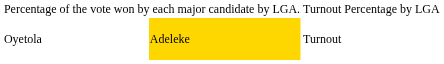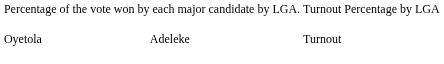 <table align=center>
 <tr>
 <td colspan=2>Percentage of the vote won by each major candidate by LGA.</td>
 <td width=220px>Turnout Percentage by LGA</td>
 </tr>
 <tr>
 <td><br>Oyetola<br> <br> </td>
-<td style="background: gold;"><br>Adeleke<br> <br> </td>
+<td><br>Adeleke<br> <br> </td>
 <td><br>Turnout<br> <br> </td>
 </tr>
 </table>
